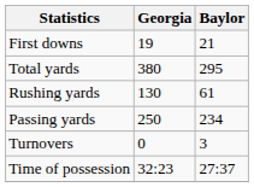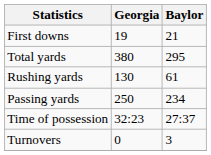 <table class="wikitable" style="float: right;">
 <tr>
 <th>Statistics</th>
 <th>Georgia</th>
 <th>Baylor</th>
 </tr>
 <tr>
 <td>First downs</td>
 <td>19</td>
 <td>21</td>
 </tr>
 <tr>
 <td>Total yards</td>
 <td>380</td>
 <td>295</td>
 </tr>
 <tr>
 <td>Rushing yards</td>
 <td>130</td>
 <td>61</td>
 </tr>
 <tr>
 <td>Passing yards</td>
 <td>250</td>
 <td>234</td>
 </tr>
 <tr>
+<td>Time of possession</td>
+<td>32:23</td>
+<td>27:37</td>
+</tr>
+<tr>
 <td>Turnovers</td>
 <td>0</td>
 <td>3</td>
 </tr>
 <tr>
-<td>Time of possession</td>
-<td>32:23</td>
-<td>27:37</td>
-</tr>
-<tr>
 </tr>
 </table>
